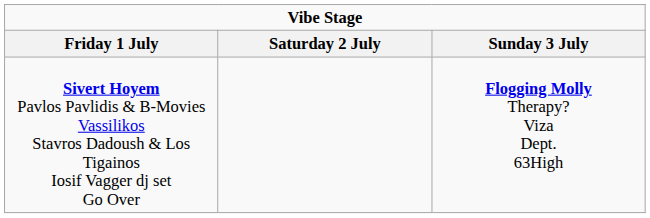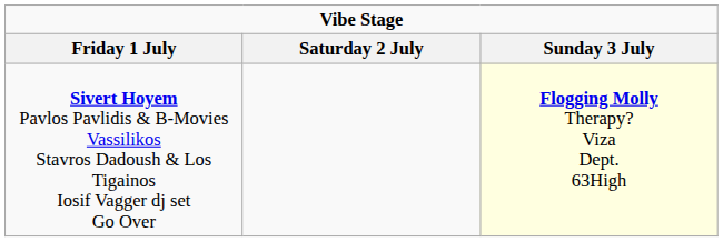 <table class="wikitable">
 <tr>
 <td colspan="3" align="center"><strong>Vibe Stage</strong></td>
 </tr>
 <tr>
 <th>Friday 1 July</th>
 <th>Saturday 2 July</th>
 <th>Sunday 3 July</th>
 </tr>
 <tr>
 <td valign="top" align="center" width=200><br><strong><a href='#'>Sivert Hoyem</a></strong> <br>Pavlos Pavlidis & B-Movies <br><a href='#'>Vassilikos</a> <br>Stavros Dadoush & Los Tigainos  <br>Iosif Vagger dj set <br>Go Over</td>
 <td valign="top" align="center" width=200></td>
-<td valign="top" align="center" width=200><br><strong><a href='#'>Flogging Molly</a></strong> <br>Therapy? <br>Viza  <br>Dept. <br>63High</td>
+<td valign="top" align="center" width=200 style="background: lightyellow;"><br><strong><a href='#'>Flogging Molly</a></strong> <br>Therapy? <br>Viza  <br>Dept. <br>63High</td>
 </tr>
 </table>
